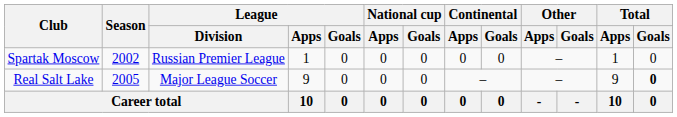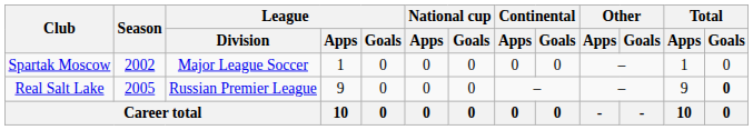 <table class="wikitable" style="text-align:center">
 <tr>
 <th rowspan="2">Club</th>
 <th rowspan="2">Season</th>
 <th colspan="3">League</th>
 <th colspan="2">National cup</th>
 <th colspan="2">Continental</th>
 <th colspan="2">Other</th>
 <th colspan="2">Total</th>
 </tr>
 <tr>
 <th>Division</th>
 <th>Apps</th>
 <th>Goals</th>
 <th>Apps</th>
 <th>Goals</th>
 <th>Apps</th>
 <th>Goals</th>
 <th>Apps</th>
 <th>Goals</th>
 <th>Apps</th>
 <th>Goals</th>
 </tr>
 <tr>
 <td><a href='#'>Spartak Moscow</a></td>
 <td><a href='#'>2002</a></td>
-<td><a href='#'>Russian Premier League</a></td>
+<td><a href='#'>Major League Soccer</a></td>
 <td>1</td>
 <td>0</td>
 <td>0</td>
 <td>0</td>
 <td>0</td>
 <td>0</td>
 <td colspan="2">–</td>
 <td>1</td>
 <td>0</td>
 </tr>
 <tr>
 <td><a href='#'>Real Salt Lake</a></td>
 <td><a href='#'>2005</a></td>
-<td><a href='#'>Major League Soccer</a></td>
+<td><a href='#'>Russian Premier League</a></td>
 <td>9</td>
 <td>0</td>
 <td>0</td>
 <td>0</td>
 <td colspan="2">–</td>
 <td colspan="2">–</td>
 <td>9</td>
 <td><strong>0</strong></td>
 </tr>
 <tr>
 <th colspan="3">Career total</th>
 <th>10</th>
 <th>0</th>
 <th>0</th>
 <th>0</th>
 <th>0</th>
 <th>0</th>
 <th>-</th>
 <th>-</th>
 <th>10</th>
 <th>0</th>
 </tr>
 </table>
